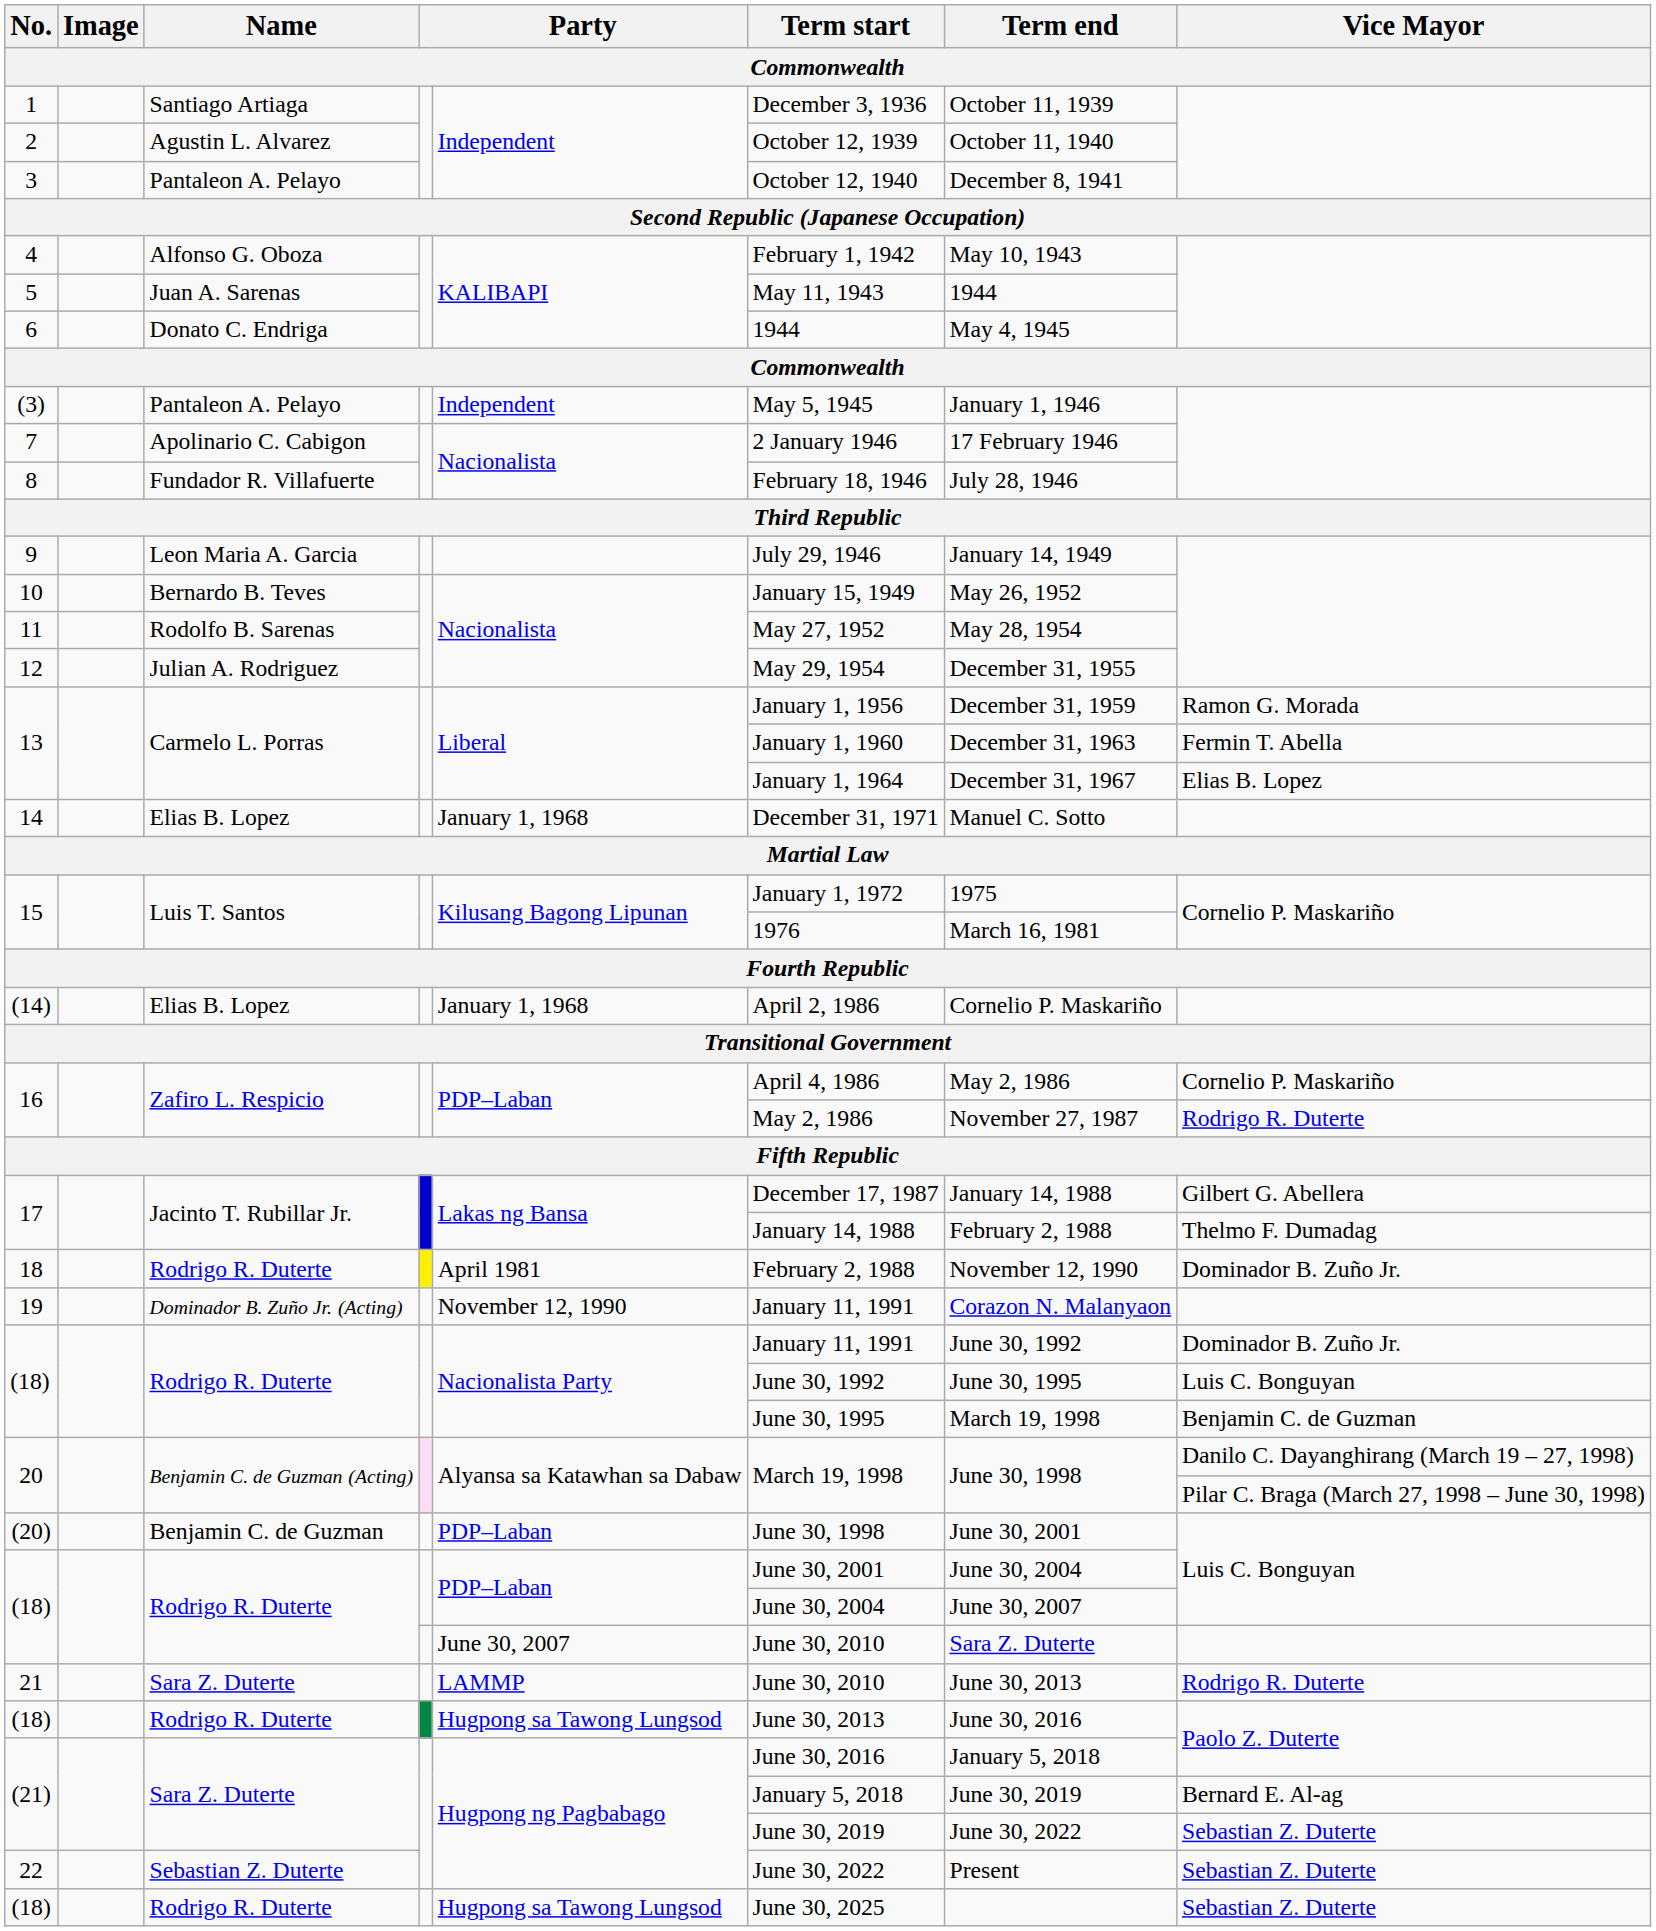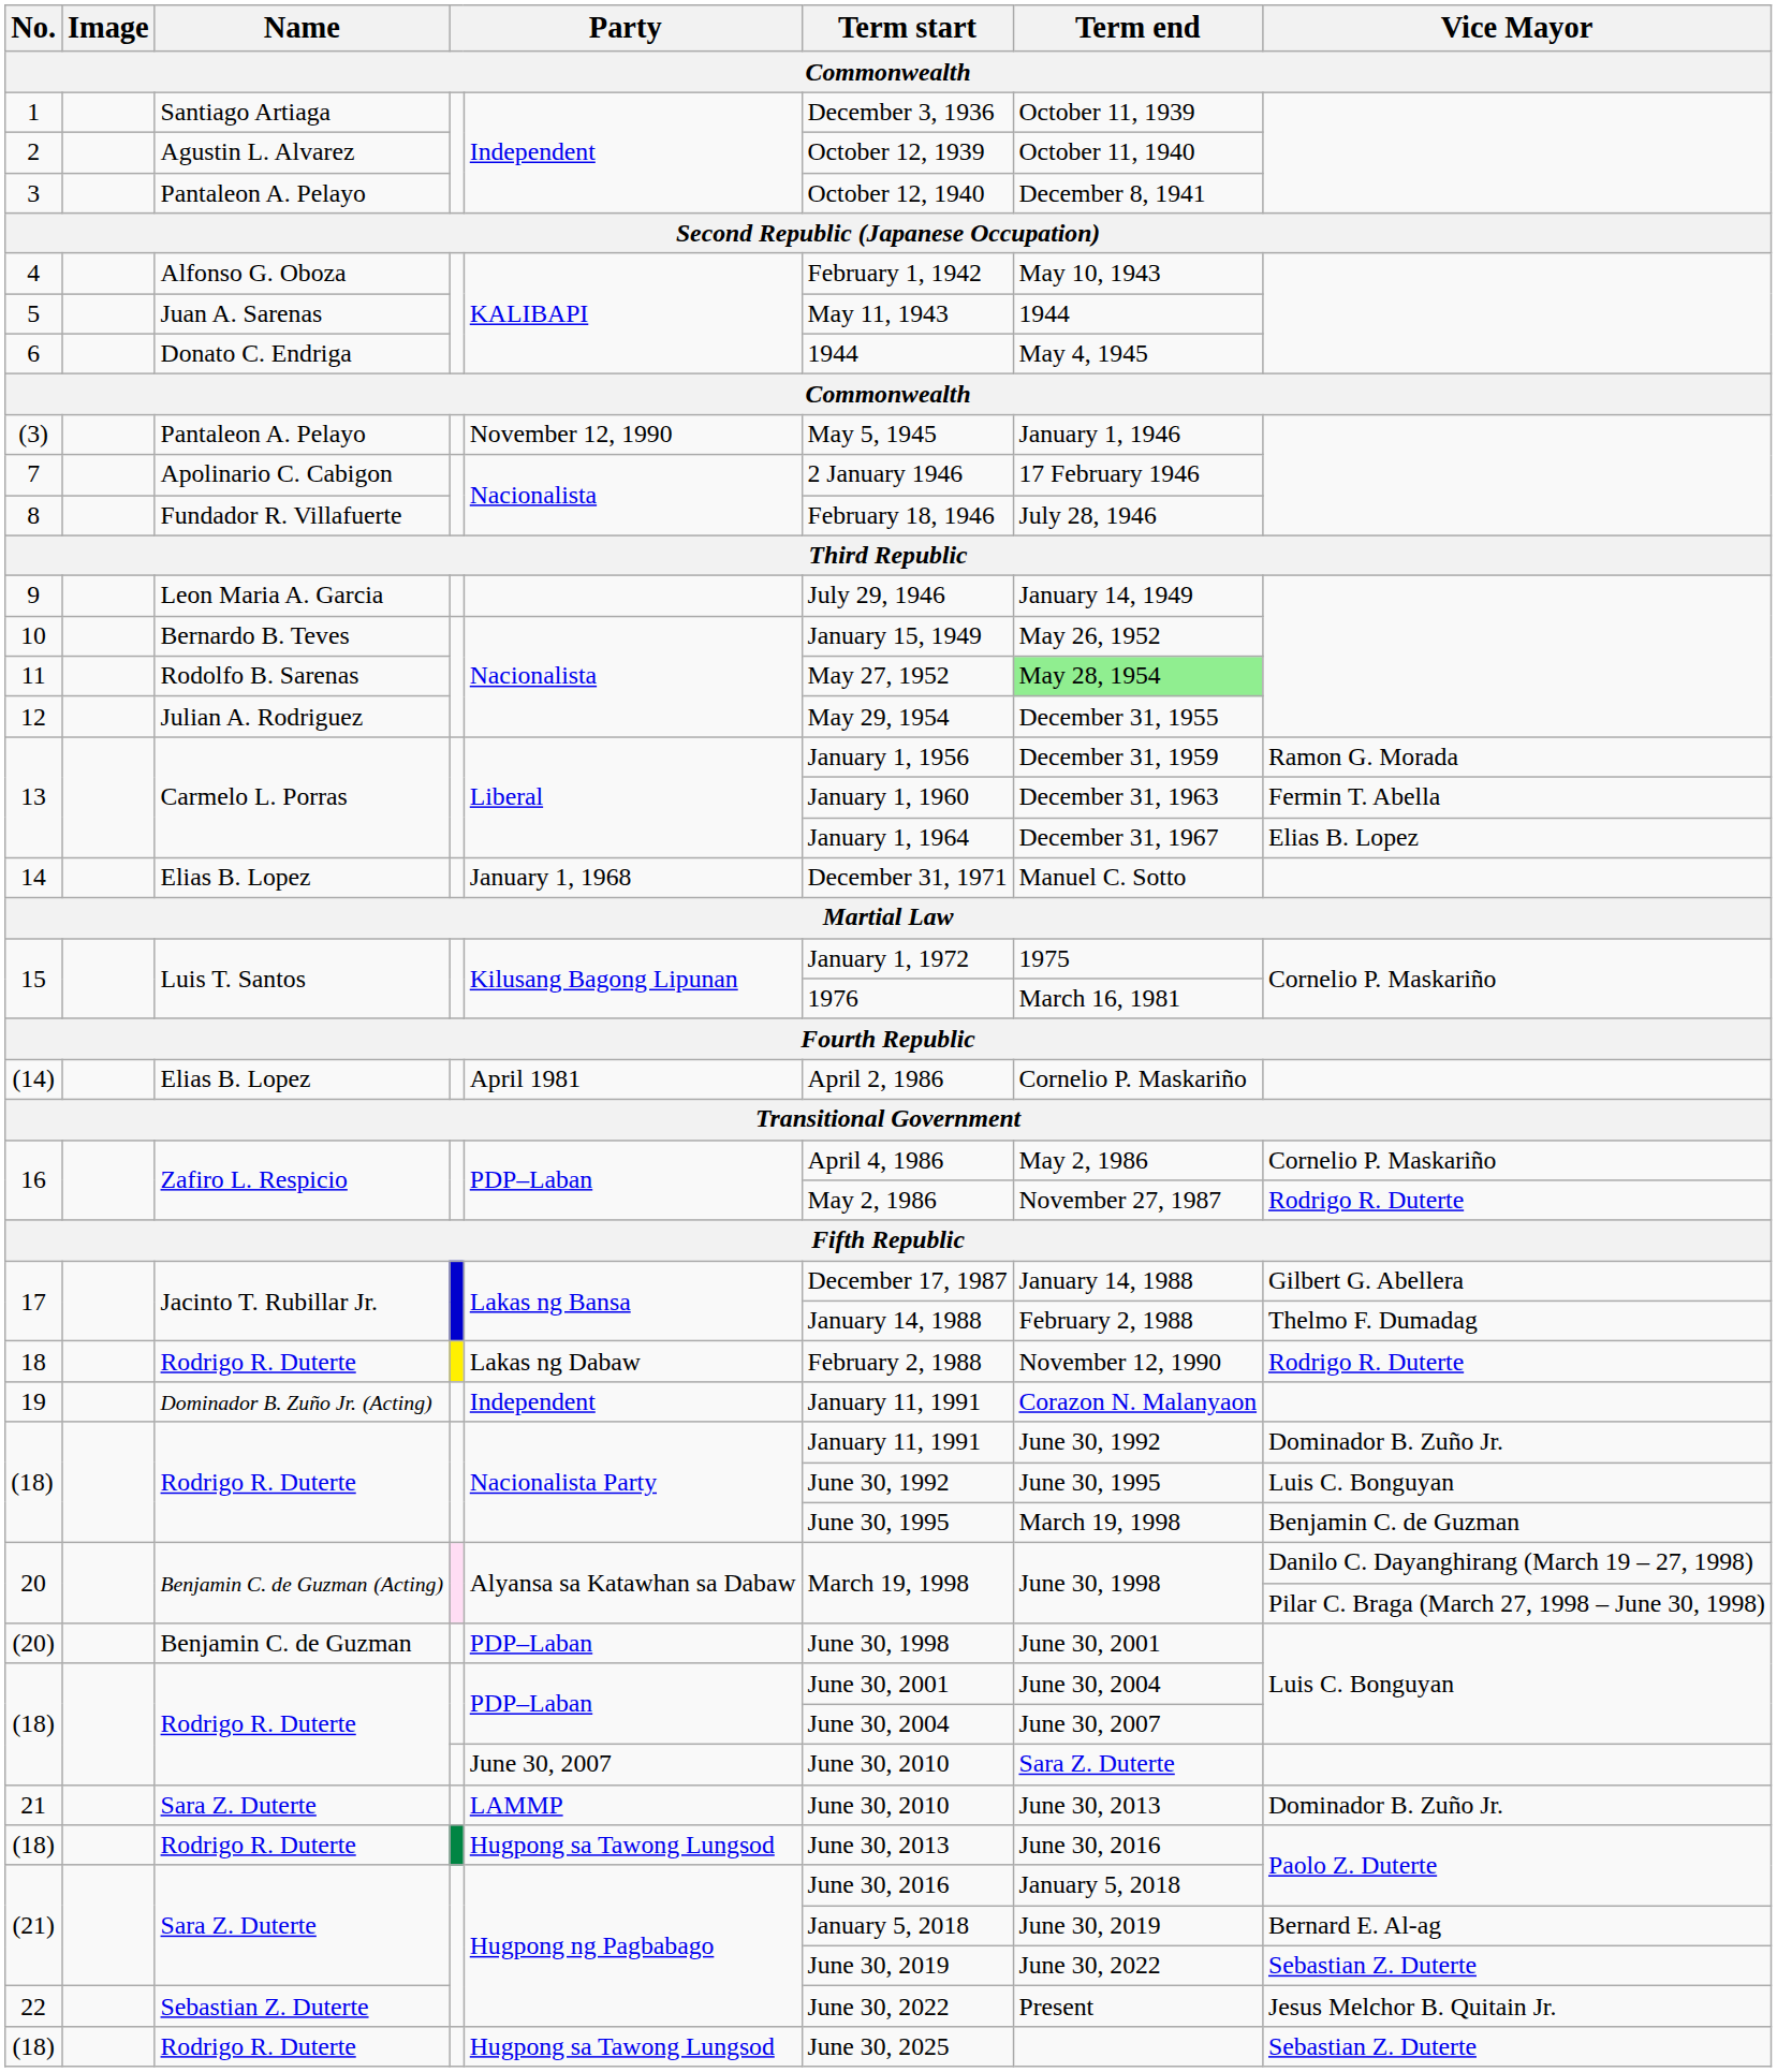 <table class="wikitable">
 <tr>
 <th><big>No.</big></th>
 <th><big>Image</big></th>
 <th><big>Name</big></th>
 <th colspan="2"><big>Party</big></th>
 <th><big>Term start</big></th>
 <th><big>Term end</big></th>
 <th><big>Vice Mayor</big></th>
 </tr>
 <tr>
 <th colspan="8"><em>Commonwealth</em></th>
 </tr>
 <tr>
 <td align=center>1</td>
 <td></td>
 <td>Santiago Artiaga</td>
 <td rowspan="3"></td>
 <td rowspan="3"><a href='#'>Independent</a></td>
 <td>December 3, 1936</td>
 <td>October 11, 1939</td>
 <td rowspan="3"></td>
 </tr>
 <tr>
 <td align=center>2</td>
 <td></td>
 <td>Agustin L. Alvarez</td>
 <td>October 12, 1939</td>
 <td>October 11, 1940</td>
 </tr>
 <tr>
 <td align=center>3</td>
 <td></td>
 <td>Pantaleon A. Pelayo</td>
 <td>October 12, 1940</td>
 <td>December 8, 1941</td>
 </tr>
 <tr>
 <th colspan="8"><em>Second Republic (Japanese Occupation)</em></th>
 </tr>
 <tr>
 <td align=center>4</td>
 <td></td>
 <td>Alfonso G. Oboza</td>
 <td rowspan="3"></td>
 <td rowspan="3"><a href='#'>KALIBAPI</a></td>
 <td>February 1, 1942</td>
 <td>May 10, 1943</td>
 <td rowspan="3"></td>
 </tr>
 <tr>
 <td align=center>5</td>
 <td></td>
 <td>Juan A. Sarenas</td>
 <td>May 11, 1943</td>
 <td>1944</td>
 </tr>
 <tr>
 <td align=center>6</td>
 <td></td>
 <td>Donato C. Endriga</td>
 <td>1944</td>
 <td>May 4, 1945</td>
 </tr>
 <tr>
 <th colspan="8"><em>Commonwealth</em></th>
 </tr>
 <tr>
 <td align=center>(3)</td>
 <td></td>
 <td>Pantaleon A. Pelayo</td>
 <td></td>
-<td><a href='#'>Independent</a></td>
+<td>November 12, 1990</td>
 <td>May 5, 1945</td>
 <td>January 1, 1946</td>
 <td rowspan="3"></td>
 </tr>
 <tr>
 <td align=center>7</td>
 <td></td>
 <td>Apolinario C. Cabigon</td>
 <td rowspan="2"></td>
 <td rowspan="2"><a href='#'>Nacionalista</a></td>
 <td>2 January 1946</td>
 <td>17 February 1946</td>
 </tr>
 <tr>
 <td align=center>8</td>
 <td></td>
 <td>Fundador R. Villafuerte</td>
 <td>February 18, 1946</td>
 <td>July 28, 1946</td>
 </tr>
 <tr>
 <th colspan="8"><em>Third Republic</em></th>
 </tr>
 <tr>
 <td align=center>9</td>
 <td></td>
 <td>Leon Maria A. Garcia</td>
 <td></td>
 <td></td>
 <td>July 29, 1946</td>
 <td>January 14, 1949</td>
 <td rowspan="4"></td>
 </tr>
 <tr>
 <td align=center>10</td>
 <td></td>
 <td>Bernardo B. Teves</td>
 <td rowspan="3"></td>
 <td rowspan="3"><a href='#'>Nacionalista</a></td>
 <td>January 15, 1949</td>
 <td>May 26, 1952</td>
 </tr>
 <tr>
 <td align=center>11</td>
 <td></td>
 <td>Rodolfo B. Sarenas</td>
 <td>May 27, 1952</td>
-<td>May 28, 1954</td>
+<td style="background: lightgreen;">May 28, 1954</td>
 </tr>
 <tr>
 <td align=center>12</td>
 <td></td>
 <td>Julian A. Rodriguez</td>
 <td>May 29, 1954</td>
 <td>December 31, 1955</td>
 </tr>
 <tr>
 <td align=center rowspan="3">13</td>
 <td rowspan="3"></td>
 <td rowspan="3">Carmelo L. Porras</td>
 <td rowspan="3"></td>
 <td rowspan="3"><a href='#'>Liberal</a></td>
 <td>January 1, 1956</td>
 <td>December 31, 1959</td>
 <td>Ramon G. Morada</td>
 </tr>
 <tr>
 <td>January 1, 1960</td>
 <td>December 31, 1963</td>
 <td>Fermin T. Abella</td>
 </tr>
 <tr>
 <td>January 1, 1964</td>
 <td>December 31, 1967</td>
 <td>Elias B. Lopez</td>
 </tr>
 <tr>
 <td align=center>14</td>
 <td></td>
 <td>Elias B. Lopez</td>
 <td></td>
 <td>January 1, 1968</td>
 <td>December 31, 1971</td>
 <td>Manuel C. Sotto</td>
 </tr>
 <tr>
 <th colspan="8"><em>Martial Law</em></th>
 </tr>
 <tr>
 <td align=center rowspan="2">15</td>
 <td rowspan="2"></td>
 <td rowspan="2">Luis T. Santos</td>
 <td rowspan="2"></td>
 <td rowspan="2"><a href='#'>Kilusang Bagong Lipunan</a></td>
 <td>January 1, 1972</td>
 <td>1975</td>
 <td rowspan="2">Cornelio P. Maskariño</td>
 </tr>
 <tr>
 <td>1976</td>
 <td>March 16, 1981</td>
 </tr>
 <tr>
 <th colspan="8"><em>Fourth Republic</em></th>
 </tr>
 <tr>
 <td align=center>(14)</td>
 <td></td>
 <td>Elias B. Lopez</td>
 <td></td>
-<td>January 1, 1968</td>
+<td>April 1981</td>
 <td>April 2, 1986</td>
 <td>Cornelio P. Maskariño</td>
 </tr>
 <tr>
 <th colspan="8"><em>Transitional Government</em></th>
 </tr>
 <tr>
 <td align=center rowspan="2">16</td>
 <td rowspan="2"></td>
 <td rowspan="2"><a href='#'>Zafiro L. Respicio</a></td>
 <td rowspan="2"></td>
 <td rowspan="2"><a href='#'>PDP–Laban</a></td>
 <td>April 4, 1986</td>
 <td>May 2, 1986</td>
 <td>Cornelio P. Maskariño</td>
 </tr>
 <tr>
 <td>May 2, 1986</td>
 <td>November 27, 1987</td>
 <td><a href='#'>Rodrigo R. Duterte</a></td>
 </tr>
 <tr>
 <th colspan="8"><em>Fifth Republic</em></th>
 </tr>
 <tr>
 <td align=center rowspan="2">17</td>
 <td rowspan="2"></td>
 <td rowspan="2">Jacinto T. Rubillar Jr.</td>
 <td rowspan="2" style="width: 2px; background-color: #0000CD;" data-sort-value="Lakas ng Bansa"></td>
 <td rowspan="2"><a href='#'>Lakas ng Bansa</a></td>
 <td>December 17, 1987</td>
 <td>January 14, 1988</td>
 <td>Gilbert G. Abellera</td>
 </tr>
 <tr>
 <td>January 14, 1988</td>
 <td>February 2, 1988</td>
 <td>Thelmo F. Dumadag</td>
 </tr>
 <tr>
 <td align=center>18</td>
 <td></td>
 <td><a href='#'>Rodrigo R. Duterte</a></td>
 <td bgcolor="#FFF000"></td>
-<td>April 1981</td>
+<td>Lakas ng Dabaw</td>
 <td>February 2, 1988</td>
 <td>November 12, 1990</td>
-<td>Dominador B. Zuño Jr.</td>
+<td><a href='#'>Rodrigo R. Duterte</a></td>
 </tr>
 <tr>
 <td align=center>19</td>
 <td></td>
 <td><small><em>Dominador B. Zuño Jr.</em></small> <small><em>(Acting)</em></small></td>
 <td></td>
-<td>November 12, 1990</td>
+<td><a href='#'>Independent</a></td>
 <td>January 11, 1991</td>
 <td><a href='#'>Corazon N. Malanyaon</a></td>
 </tr>
 <tr>
 <td rowspan="3">(18)</td>
 <td rowspan="3"></td>
 <td rowspan="3"><a href='#'>Rodrigo R. Duterte</a></td>
 <td rowspan="3"></td>
 <td rowspan="3"><a href='#'>Nacionalista Party</a></td>
 <td>January 11, 1991</td>
 <td>June 30, 1992</td>
 <td>Dominador B. Zuño Jr.</td>
 </tr>
 <tr>
 <td>June 30, 1992</td>
 <td>June 30, 1995</td>
 <td>Luis C. Bonguyan</td>
 </tr>
 <tr>
 <td>June 30, 1995</td>
 <td>March 19, 1998</td>
 <td>Benjamin C. de Guzman</td>
 </tr>
 <tr>
 <td align=center rowspan="2">20</td>
 <td rowspan="2"></td>
 <td rowspan="2"><small><em>Benjamin C. de Guzman</em></small> <small><em>(Acting)</em></small></td>
 <td rowspan="2" bgcolor="#FFDDF4"></td>
 <td rowspan="2">Alyansa sa Katawhan sa Dabaw</td>
 <td rowspan="2">March 19, 1998</td>
 <td rowspan="2">June 30, 1998</td>
 <td>Danilo C. Dayanghirang (March 19 – 27, 1998)</td>
 </tr>
 <tr>
 <td>Pilar C. Braga (March 27, 1998 – June 30, 1998)</td>
 </tr>
 <tr>
 <td align=center>(20)</td>
 <td></td>
 <td>Benjamin C. de Guzman</td>
 <td></td>
 <td><a href='#'>PDP–Laban</a></td>
 <td>June 30, 1998</td>
 <td>June 30, 2001</td>
 <td rowspan="3">Luis C. Bonguyan</td>
 </tr>
 <tr>
 <td align=center rowspan="3">(18)</td>
 <td rowspan="3"></td>
 <td rowspan="3"><a href='#'>Rodrigo R.  Duterte</a></td>
 <td rowspan="2"></td>
 <td rowspan="2"><a href='#'>PDP–Laban</a></td>
 <td>June 30, 2001</td>
 <td>June 30, 2004</td>
 </tr>
 <tr>
 <td>June 30, 2004</td>
 <td>June 30, 2007</td>
 </tr>
 <tr>
 <td></td>
 <td>June 30, 2007</td>
 <td>June 30, 2010</td>
 <td><a href='#'>Sara Z. Duterte</a></td>
 </tr>
 <tr>
 <td align=center>21</td>
 <td></td>
 <td><a href='#'>Sara Z. Duterte</a></td>
 <td></td>
 <td><a href='#'>LAMMP</a></td>
 <td>June 30, 2010</td>
 <td>June 30, 2013</td>
-<td><a href='#'>Rodrigo R. Duterte</a></td>
+<td>Dominador B. Zuño Jr.</td>
 </tr>
 <tr>
 <td align=center>(18)</td>
 <td></td>
 <td><a href='#'>Rodrigo R. Duterte</a></td>
 <td bgcolor="#008543"></td>
 <td><a href='#'>Hugpong sa Tawong Lungsod</a></td>
 <td>June 30, 2013</td>
 <td>June 30, 2016</td>
 <td rowspan="2"><a href='#'>Paolo Z. Duterte</a></td>
 </tr>
 <tr>
 <td align=center rowspan="3">(21)</td>
 <td rowspan="3"></td>
 <td rowspan="3"><a href='#'>Sara Z. Duterte</a></td>
 <td rowspan="4"></td>
 <td rowspan="4"><a href='#'>Hugpong ng Pagbabago</a></td>
 <td>June 30, 2016</td>
 <td>January 5, 2018</td>
 </tr>
 <tr>
 <td>January 5, 2018</td>
 <td>June 30, 2019</td>
 <td>Bernard E. Al-ag</td>
 </tr>
 <tr>
 <td>June 30, 2019</td>
 <td>June 30, 2022</td>
 <td><a href='#'>Sebastian Z. Duterte</a></td>
 </tr>
 <tr>
 <td align=center>22</td>
 <td></td>
 <td><a href='#'>Sebastian Z. Duterte</a></td>
 <td>June 30, 2022</td>
 <td>Present</td>
-<td><a href='#'>Sebastian Z. Duterte</a></td>
+<td>Jesus Melchor B. Quitain Jr.</td>
 </tr>
 <tr>
 <td align="center">(18)</td>
 <td></td>
 <td><a href='#'>Rodrigo R. Duterte</a></td>
 <td></td>
 <td><a href='#'>Hugpong sa Tawong Lungsod</a></td>
 <td>June 30, 2025</td>
 <td></td>
 <td><a href='#'>Sebastian Z. Duterte</a></td>
 </tr>
 </table>
